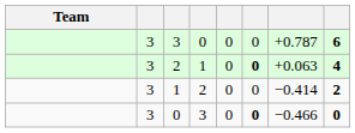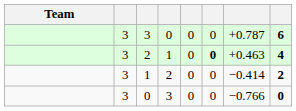 <table class="wikitable" style="text-align:center;">
 <tr>
 <th style="width:130px;">Team</th>
 <th width="20"></th>
 <th width="20"></th>
 <th width="20"></th>
 <th width="20"></th>
 <th width="20"></th>
 <th width="50"></th>
 <th width="20"></th>
 </tr>
 <tr style="background:#dfd">
 <td align=left></td>
 <td>3</td>
 <td>3</td>
 <td>0</td>
 <td>0</td>
 <td>0</td>
 <td>+0.787</td>
 <td><strong>6</strong></td>
 </tr>
 <tr style="background:#dfd">
 <td align=left></td>
 <td>3</td>
 <td>2</td>
 <td>1</td>
 <td>0</td>
 <td><strong>0</strong></td>
-<td>+0.063</td>
+<td>+0.463</td>
 <td><strong>4</strong></td>
 </tr>
 <tr>
 <td align=left></td>
 <td>3</td>
 <td>1</td>
 <td>2</td>
 <td>0</td>
 <td>0</td>
 <td>−0.414</td>
 <td><strong>2</strong></td>
 </tr>
 <tr>
 <td align=left></td>
 <td>3</td>
 <td>0</td>
 <td>3</td>
 <td>0</td>
-<td><strong>0</strong></td>
-<td>−0.466</td>
+<td>0</td>
+<td>−0.766</td>
 <td><strong>0</strong></td>
 </tr>
 </table>
